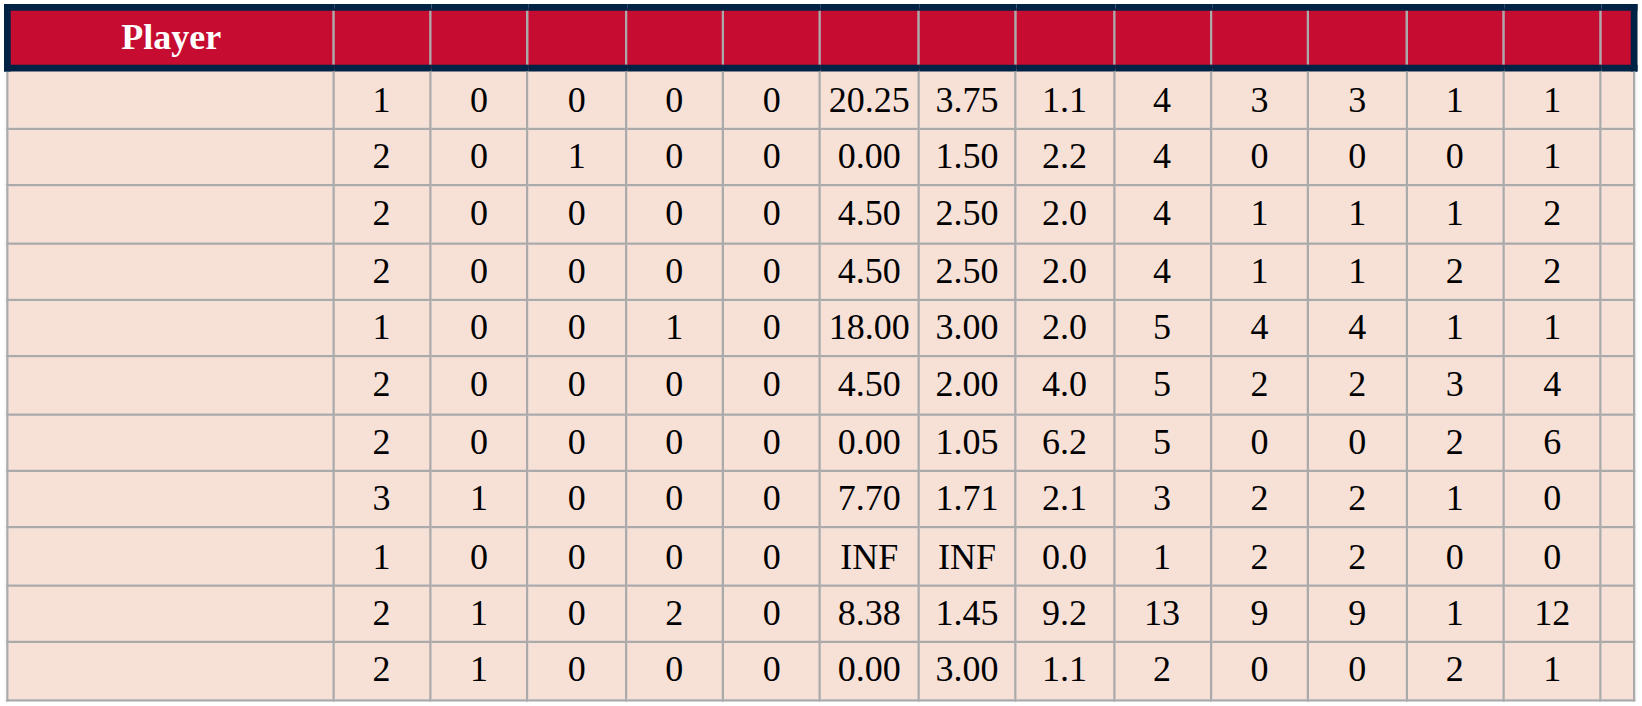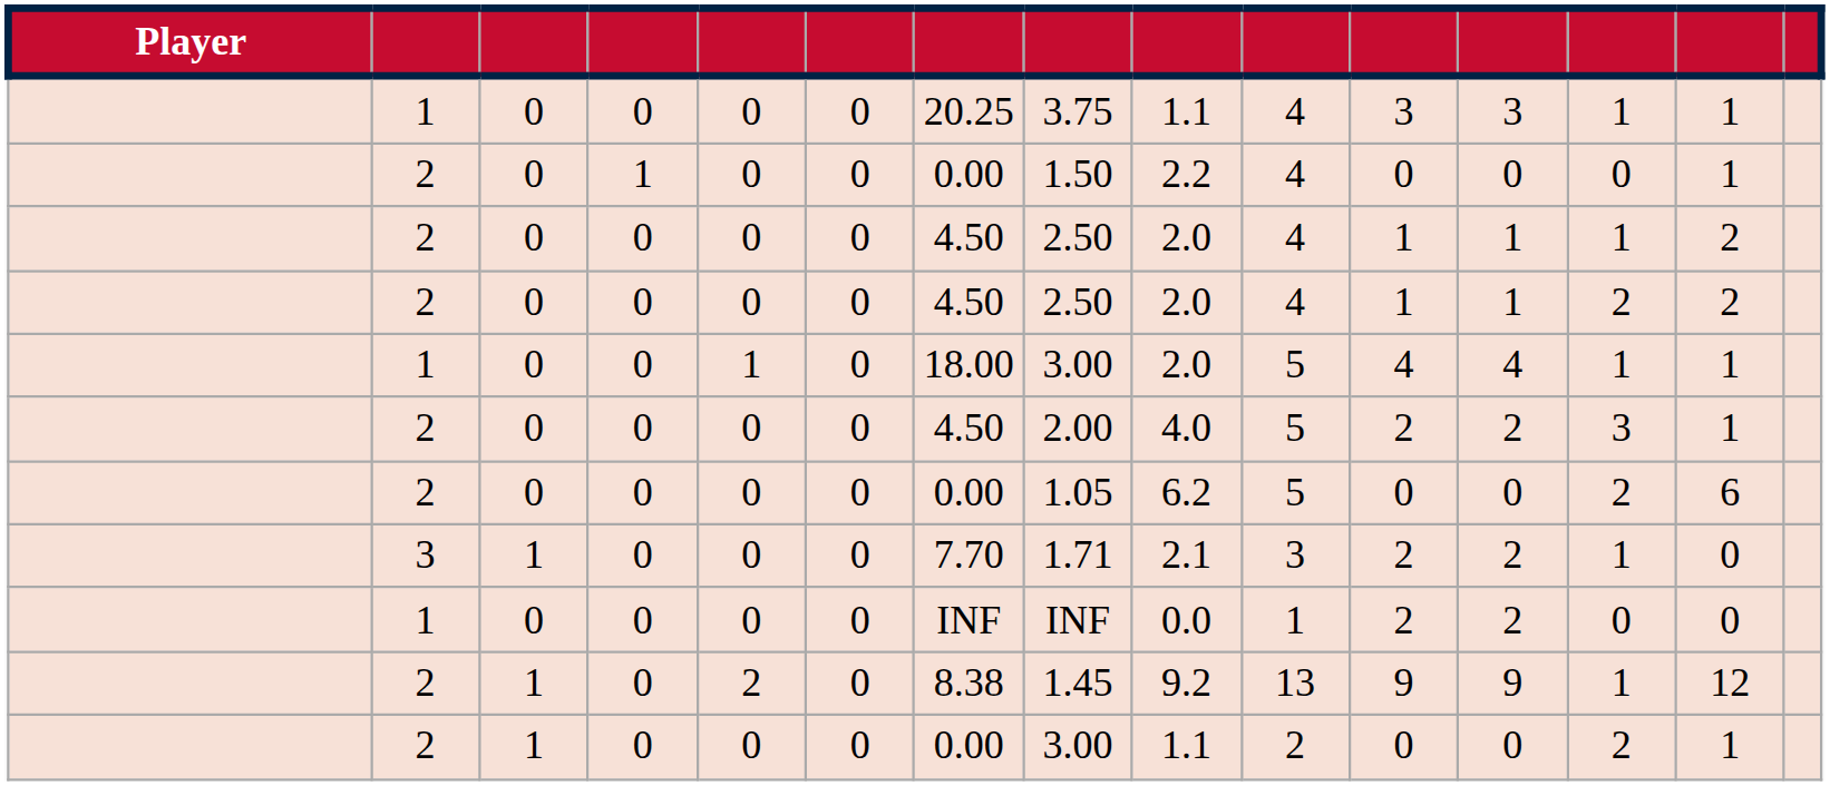 <table class="wikitable sortable">
 <tr>
 <th style="background:#c60c30; width:20%; color:#fff; border-top: 3px solid #024; border-bottom: 3px solid #024; border-left: 3px solid #024;">Player</th>
 <th style="background:#c60c30; width:6%; color:#fff; border-top: 3px solid #024; border-bottom: 3px solid #024;"></th>
 <th style="background:#c60c30; width:6%; color:#fff; border-top: 3px solid #024; border-bottom: 3px solid #024;"></th>
 <th style="background:#c60c30; width:6%; color:#fff; border-top: 3px solid #024; border-bottom: 3px solid #024;"></th>
 <th style="background:#c60c30; width:6%; color:#fff; border-top: 3px solid #024; border-bottom: 3px solid #024;"></th>
 <th style="background:#c60c30; width:6%; color:#fff; border-top: 3px solid #024; border-bottom: 3px solid #024;"></th>
 <th style="background:#c60c30; width:6%; color:#fff; border-top: 3px solid #024; border-bottom: 3px solid #024;"></th>
 <th style="background:#c60c30; width:6%; color:#fff; border-top: 3px solid #024; border-bottom: 3px solid #024;"></th>
 <th style="background:#c60c30; width:6%; color:#fff; border-top: 3px solid #024; border-bottom: 3px solid #024;"></th>
 <th style="background:#c60c30; width:6%; color:#fff; border-top: 3px solid #024; border-bottom: 3px solid #024;"></th>
 <th style="background:#c60c30; width:6%; color:#fff; border-top: 3px solid #024; border-bottom: 3px solid #024;"></th>
 <th style="background:#c60c30; width:6%; color:#fff; border-top: 3px solid #024; border-bottom: 3px solid #024;"></th>
 <th style="background:#c60c30; width:6%; color:#fff; border-top: 3px solid #024; border-bottom: 3px solid #024;"></th>
 <th style="background:#c60c30; width:6%; color:#fff; border-top: 3px solid #024; border-bottom: 3px solid #024;"></th>
 <th style="background:#c60c30; width:6%; color:#fff; border-top: 3px solid #024; border-bottom: 3px solid #024; border-right: 3px solid #024;"></th>
 </tr>
 <tr style="text-align:center; background:#f7e1d7;">
 <td></td>
 <td>1</td>
 <td>0</td>
 <td>0</td>
 <td>0</td>
 <td>0</td>
 <td>20.25</td>
 <td>3.75</td>
 <td>1.1</td>
 <td>4</td>
 <td>3</td>
 <td>3</td>
 <td>1</td>
 <td>1</td>
 <td></td>
 </tr>
 <tr style="text-align:center; background:#f7e1d7;">
 <td></td>
 <td>2</td>
 <td>0</td>
 <td>1</td>
 <td>0</td>
 <td>0</td>
 <td>0.00</td>
 <td>1.50</td>
 <td>2.2</td>
 <td>4</td>
 <td>0</td>
 <td>0</td>
 <td>0</td>
 <td>1</td>
 <td></td>
 </tr>
 <tr style="text-align:center; background:#f7e1d7;">
 <td></td>
 <td>2</td>
 <td>0</td>
 <td>0</td>
 <td>0</td>
 <td>0</td>
 <td>4.50</td>
 <td>2.50</td>
 <td>2.0</td>
 <td>4</td>
 <td>1</td>
 <td>1</td>
 <td>1</td>
 <td>2</td>
 <td></td>
 </tr>
 <tr style="text-align:center; background:#f7e1d7;">
 <td></td>
 <td>2</td>
 <td>0</td>
 <td>0</td>
 <td>0</td>
 <td>0</td>
 <td>4.50</td>
 <td>2.50</td>
 <td>2.0</td>
 <td>4</td>
 <td>1</td>
 <td>1</td>
 <td>2</td>
 <td>2</td>
 <td></td>
 </tr>
 <tr style="text-align:center; background:#f7e1d7;">
 <td></td>
 <td>1</td>
 <td>0</td>
 <td>0</td>
 <td>1</td>
 <td>0</td>
 <td>18.00</td>
 <td>3.00</td>
 <td>2.0</td>
 <td>5</td>
 <td>4</td>
 <td>4</td>
 <td>1</td>
 <td>1</td>
 <td></td>
 </tr>
 <tr style="text-align:center; background:#f7e1d7;">
 <td></td>
 <td>2</td>
 <td>0</td>
 <td>0</td>
 <td>0</td>
 <td>0</td>
 <td>4.50</td>
 <td>2.00</td>
 <td>4.0</td>
 <td>5</td>
 <td>2</td>
 <td>2</td>
 <td>3</td>
-<td>4</td>
+<td>1</td>
 <td></td>
 </tr>
 <tr style="text-align:center; background:#f7e1d7;">
 <td></td>
 <td>2</td>
 <td>0</td>
 <td>0</td>
 <td>0</td>
 <td>0</td>
 <td>0.00</td>
 <td>1.05</td>
 <td>6.2</td>
 <td>5</td>
 <td>0</td>
 <td>0</td>
 <td>2</td>
 <td>6</td>
 <td></td>
 </tr>
 <tr style="text-align:center; background:#f7e1d7;">
 <td></td>
 <td>3</td>
 <td>1</td>
 <td>0</td>
 <td>0</td>
 <td>0</td>
 <td>7.70</td>
 <td>1.71</td>
 <td>2.1</td>
 <td>3</td>
 <td>2</td>
 <td>2</td>
 <td>1</td>
 <td>0</td>
 <td></td>
 </tr>
 <tr style="text-align:center; background:#f7e1d7;">
 <td></td>
 <td>1</td>
 <td>0</td>
 <td>0</td>
 <td>0</td>
 <td>0</td>
 <td>INF</td>
 <td>INF</td>
 <td>0.0</td>
 <td>1</td>
 <td>2</td>
 <td>2</td>
 <td>0</td>
 <td>0</td>
 <td></td>
 </tr>
 <tr style="text-align:center; background:#f7e1d7;">
 <td></td>
 <td>2</td>
 <td>1</td>
 <td>0</td>
 <td>2</td>
 <td>0</td>
 <td>8.38</td>
 <td>1.45</td>
 <td>9.2</td>
 <td>13</td>
 <td>9</td>
 <td>9</td>
 <td>1</td>
 <td>12</td>
 <td></td>
 </tr>
 <tr style="text-align:center; background:#f7e1d7;">
 <td></td>
 <td>2</td>
 <td>1</td>
 <td>0</td>
 <td>0</td>
 <td>0</td>
 <td>0.00</td>
 <td>3.00</td>
 <td>1.1</td>
 <td>2</td>
 <td>0</td>
 <td>0</td>
 <td>2</td>
 <td>1</td>
 <td></td>
 </tr>
 </table>
